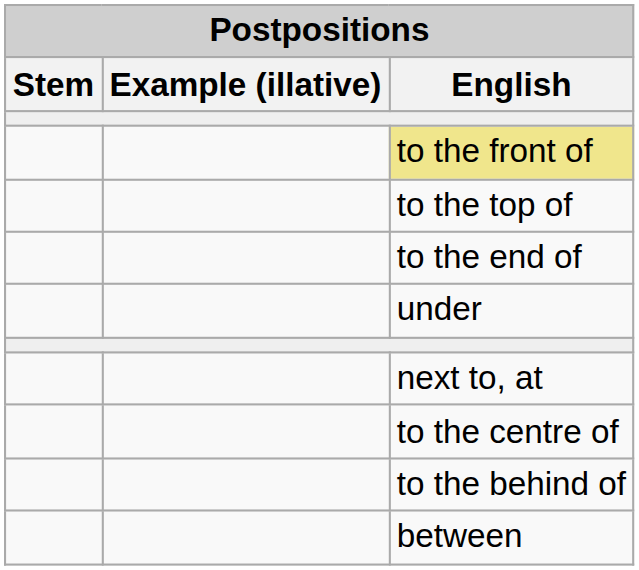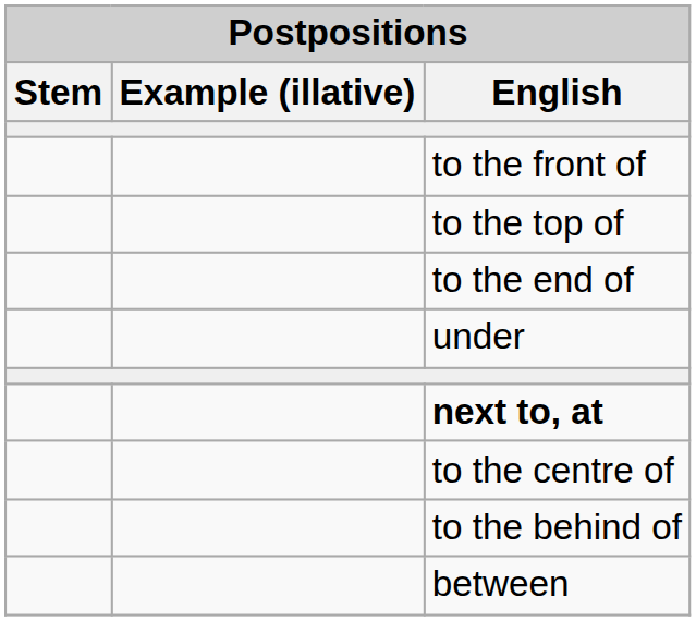 <table class="wikitable">
 <tr>
 <th colspan="4" style="background:#cfcfcf;">Postpositions</th>
 </tr>
 <tr style="background:#dfdfdf;" |>
 <th>Stem</th>
 <th>Example (illative)</th>
 <th>English</th>
 </tr>
 <tr>
 <th colspan="4" style="background:#efefef"><em></em></th>
 </tr>
 <tr>
 <td></td>
 <td></td>
-<td style="background: khaki;">to the front of</td>
+<td>to the front of</td>
 </tr>
 <tr>
 <td></td>
 <td></td>
 <td>to the top of</td>
 </tr>
 <tr>
 <td></td>
 <td></td>
 <td>to the end of</td>
 </tr>
 <tr>
 <td></td>
 <td></td>
 <td>under</td>
 </tr>
 <tr>
 <th colspan="4" style="background:#efefef"><em></em></th>
 </tr>
 <tr>
 <td></td>
 <td></td>
-<td>next to, at</td>
+<td><strong>next to, at</strong></td>
 </tr>
 <tr>
 <td></td>
 <td></td>
 <td>to the centre of</td>
 </tr>
 <tr>
 <td></td>
 <td></td>
 <td>to the behind of</td>
 </tr>
 <tr>
 <td></td>
 <td></td>
 <td>between</td>
 </tr>
 </table>
